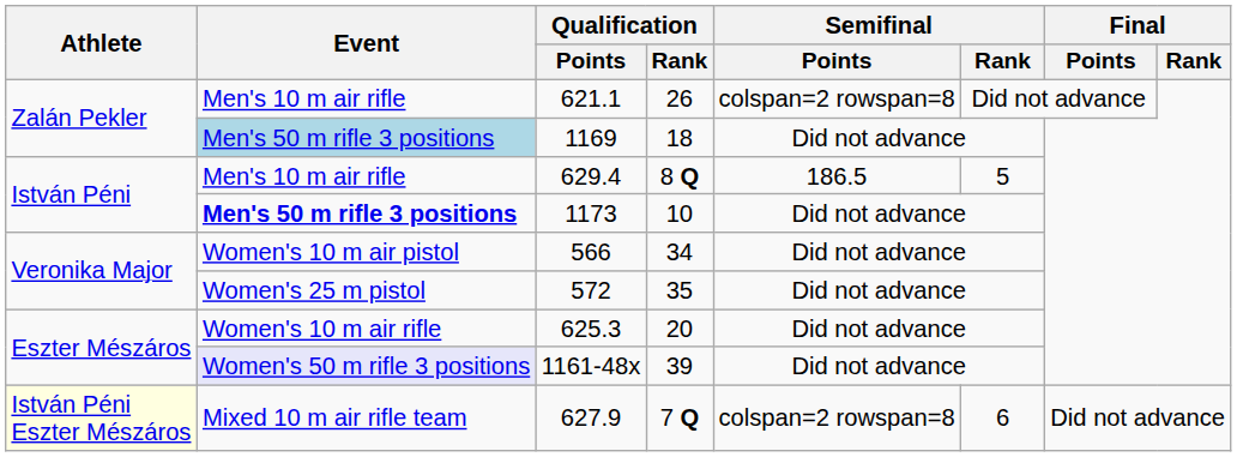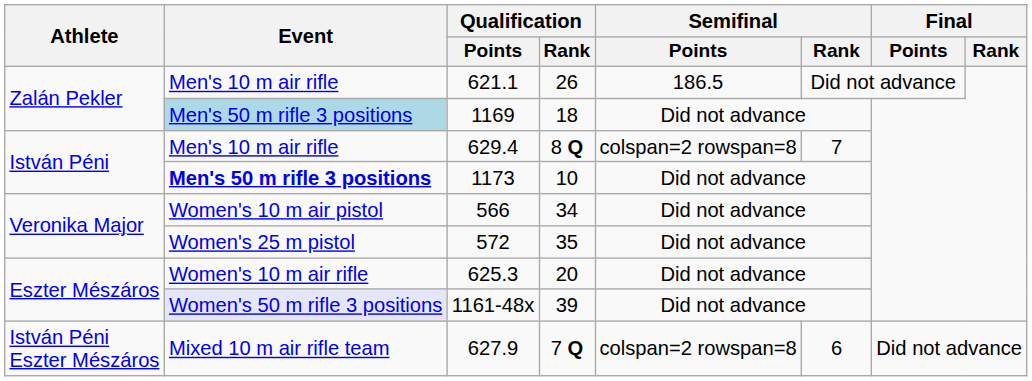 <table class="wikitable" style="font-size:90%">
 <tr>
 <th rowspan="2">Athlete</th>
 <th rowspan="2">Event</th>
 <th colspan=2>Qualification</th>
 <th colspan=2>Semifinal</th>
 <th colspan=2>Final</th>
 </tr>
 <tr style="font-size:95%">
 <th>Points</th>
 <th>Rank</th>
 <th>Points</th>
 <th>Rank</th>
 <th>Points</th>
 <th>Rank</th>
 </tr>
 <tr align=center>
 <td align=left rowspan=2><a href='#'>Zalán Pekler</a></td>
 <td align=left><a href='#'>Men's 10 m air rifle</a></td>
 <td>621.1</td>
 <td>26</td>
-<td>colspan=2 rowspan=8 </td>
+<td>186.5</td>
 <td colspan=2>Did not advance</td>
 </tr>
 <tr align=center>
 <td align=left style="background: lightblue;"><a href='#'>Men's 50 m rifle 3 positions</a></td>
 <td>1169</td>
 <td>18</td>
 <td colspan=2>Did not advance</td>
 </tr>
 <tr align=center>
 <td align=left rowspan=2><a href='#'>István Péni</a></td>
 <td align=left><a href='#'>Men's 10 m air rifle</a></td>
 <td>629.4</td>
 <td>8 <strong>Q</strong></td>
-<td>186.5</td>
-<td>5</td>
+<td>colspan=2 rowspan=8 </td>
+<td>7</td>
 </tr>
 <tr align=center>
 <td align=left><strong><a href='#'>Men's 50 m rifle 3 positions</a></strong></td>
 <td>1173</td>
 <td>10</td>
 <td colspan=2>Did not advance</td>
 </tr>
 <tr align=center>
 <td align=left rowspan=2><a href='#'>Veronika Major</a></td>
 <td align=left><a href='#'>Women's 10 m air pistol</a></td>
 <td>566</td>
 <td>34</td>
 <td colspan=2>Did not advance</td>
 </tr>
 <tr align=center>
 <td align=left><a href='#'>Women's 25 m pistol</a></td>
 <td>572</td>
 <td>35</td>
 <td colspan=2>Did not advance</td>
 </tr>
 <tr align=center>
 <td align=left rowspan=2><a href='#'>Eszter Mészáros</a></td>
 <td align=left><a href='#'>Women's 10 m air rifle</a></td>
 <td>625.3</td>
 <td>20</td>
 <td colspan=2>Did not advance</td>
 </tr>
 <tr align=center>
 <td align=left style="background: lavender;"><a href='#'>Women's 50 m rifle 3 positions</a></td>
 <td>1161-48x</td>
 <td>39</td>
 <td colspan=2>Did not advance</td>
 </tr>
 <tr align=center>
-<td align=left style="background: lightyellow;"><a href='#'>István Péni</a><br><a href='#'>Eszter Mészáros</a></td>
+<td align=left><a href='#'>István Péni</a><br><a href='#'>Eszter Mészáros</a></td>
 <td align=left><a href='#'>Mixed 10 m air rifle team</a></td>
 <td>627.9</td>
 <td>7 <strong>Q</strong></td>
 <td>colspan=2 rowspan=8 </td>
 <td>6</td>
 <td colspan=2>Did not advance</td>
 </tr>
 </table>
